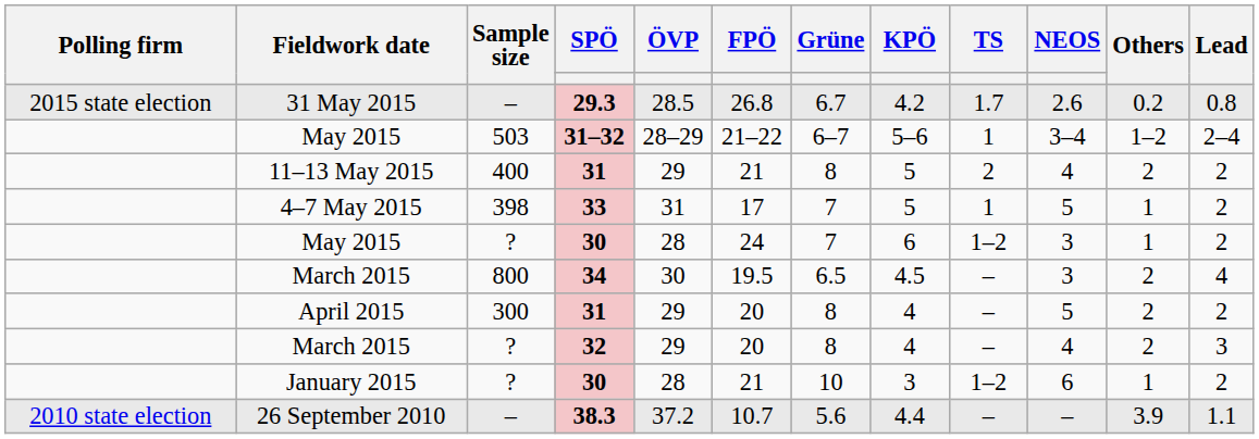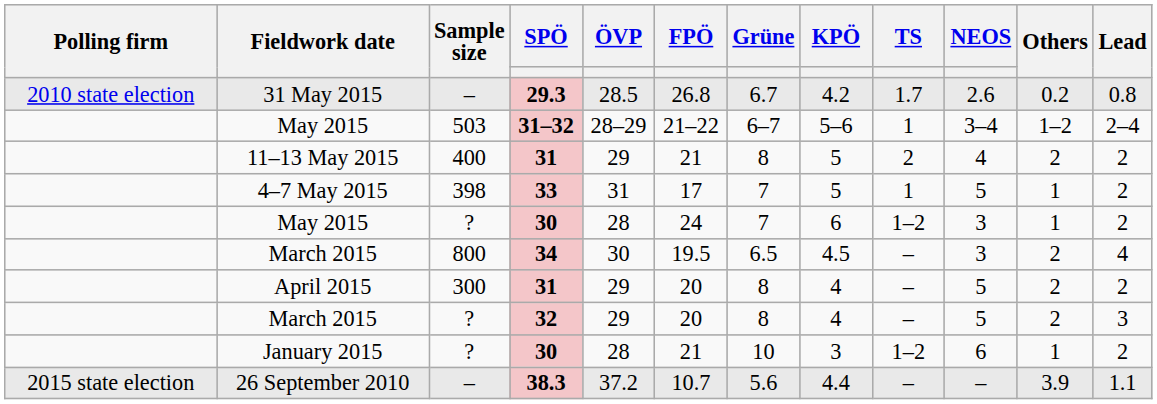 <table class="wikitable sortable" style="text-align:center;font-size:90%;line-height:14px;">
 <tr style="height:40px;">
 <th style="width:130px;" rowspan="2">Polling firm</th>
 <th style="width:130px;" rowspan="2">Fieldwork date</th>
 <th style="width:35px;" rowspan="2">Sample<br>size</th>
 <th class="unsortable" style="width:40px;"><a href='#'>SPÖ</a></th>
 <th class="unsortable" style="width:40px;"><a href='#'>ÖVP</a></th>
 <th class="unsortable" style="width:40px;"><a href='#'>FPÖ</a></th>
 <th class="unsortable" style="width:40px;"><a href='#'>Grüne</a></th>
 <th class="unsortable" style="width:40px;"><a href='#'>KPÖ</a></th>
 <th class="unsortable" style="width:40px;"><a href='#'>TS</a></th>
 <th class="unsortable" style="width:40px;"><a href='#'>NEOS</a></th>
 <th class="unsortable" style="width:40px;" rowspan="2">Others</th>
 <th style="width:30px;" rowspan="2">Lead</th>
 </tr>
 <tr>
 <th style="background:"></th>
 <th style="background:"></th>
 <th style="background:"></th>
 <th style="background:"></th>
 <th style="background:"></th>
 <th style="background:"></th>
 <th style="background:"></th>
 </tr>
 <tr style="background:#E9E9E9;">
-<td>2015 state election</td>
+<td><a href='#'>2010 state election</a></td>
 <td data-sort-value="2015-05-31">31 May 2015</td>
 <td>–</td>
 <td style="background:#F4C6C9;"><strong>29.3</strong></td>
 <td>28.5</td>
 <td>26.8</td>
 <td>6.7</td>
 <td>4.2</td>
 <td>1.7</td>
 <td>2.6</td>
 <td>0.2</td>
 <td style="background:">0.8</td>
 </tr>
 <tr>
 <td></td>
 <td data-sort-value="2015-05-24">May 2015</td>
 <td>503</td>
 <td style="background:#F4C6C9;"><strong>31–32</strong></td>
 <td>28–29</td>
 <td>21–22</td>
 <td>6–7</td>
 <td>5–6</td>
 <td>1</td>
 <td>3–4</td>
 <td>1–2</td>
 <td style="background:">2–4</td>
 </tr>
 <tr>
 <td></td>
 <td data-sort-value="2015-05-15">11–13 May 2015</td>
 <td>400</td>
 <td style="background:#F4C6C9;"><strong>31</strong></td>
 <td>29</td>
 <td>21</td>
 <td>8</td>
 <td>5</td>
 <td>2</td>
 <td>4</td>
 <td>2</td>
 <td style="background:">2</td>
 </tr>
 <tr>
 <td></td>
 <td data-sort-value="2015-05-15">4–7 May 2015</td>
 <td>398</td>
 <td style="background:#F4C6C9;"><strong>33</strong></td>
 <td>31</td>
 <td>17</td>
 <td>7</td>
 <td>5</td>
 <td>1</td>
 <td>5</td>
 <td>1</td>
 <td style="background:">2</td>
 </tr>
 <tr>
 <td></td>
 <td data-sort-value="2015-05-10">May 2015</td>
 <td>?</td>
 <td style="background:#F4C6C9;"><strong>30</strong></td>
 <td>28</td>
 <td>24</td>
 <td>7</td>
 <td>6</td>
 <td>1–2</td>
 <td>3</td>
 <td>1</td>
 <td style="background:">2</td>
 </tr>
 <tr>
 <td></td>
 <td data-sort-value="2015-05-03">March 2015</td>
 <td>800</td>
 <td style="background:#F4C6C9;"><strong>34</strong></td>
 <td>30</td>
 <td>19.5</td>
 <td>6.5</td>
 <td>4.5</td>
 <td>–</td>
 <td>3</td>
 <td>2</td>
 <td style="background:">4</td>
 </tr>
 <tr>
 <td></td>
 <td data-sort-value="2015-04-20">April 2015</td>
 <td>300</td>
 <td style="background:#F4C6C9;"><strong>31</strong></td>
 <td>29</td>
 <td>20</td>
 <td>8</td>
 <td>4</td>
 <td>–</td>
 <td>5</td>
 <td>2</td>
 <td style="background:">2</td>
 </tr>
 <tr>
 <td></td>
 <td data-sort-value="2015-03-15">March 2015</td>
 <td>?</td>
 <td style="background:#F4C6C9;"><strong>32</strong></td>
 <td>29</td>
 <td>20</td>
 <td>8</td>
 <td>4</td>
 <td>–</td>
-<td>4</td>
+<td>5</td>
 <td>2</td>
 <td style="background:">3</td>
 </tr>
 <tr>
 <td></td>
 <td data-sort-value="2015-01-08">January 2015</td>
 <td>?</td>
 <td style="background:#F4C6C9;"><strong>30</strong></td>
 <td>28</td>
 <td>21</td>
 <td>10</td>
 <td>3</td>
 <td>1–2</td>
 <td>6</td>
 <td>1</td>
 <td style="background:">2</td>
 </tr>
 <tr style="background:#E9E9E9;">
-<td><a href='#'>2010 state election</a></td>
+<td>2015 state election</td>
 <td data-sort-value="2010-09-26">26 September 2010</td>
 <td>–</td>
 <td style="background:#F4C6C9;"><strong>38.3</strong></td>
 <td>37.2</td>
 <td>10.7</td>
 <td>5.6</td>
 <td>4.4</td>
 <td>–</td>
 <td>–</td>
 <td>3.9</td>
 <td style="background:">1.1</td>
 </tr>
 </table>
